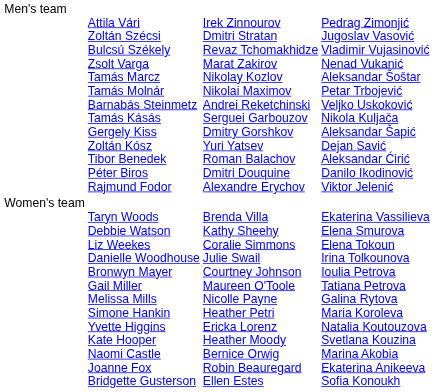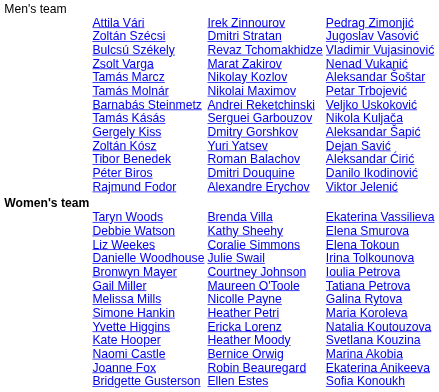 <table>
 <tr valign="top">
 <td>Men's team<br></td>
 <td><br><a href='#'>Attila Vári</a><br><a href='#'>Zoltán Szécsi</a><br><a href='#'>Bulcsú Székely</a><br><a href='#'>Zsolt Varga</a><br><a href='#'>Tamás Marcz</a><br><a href='#'>Tamás Molnár</a><br><a href='#'>Barnabás Steinmetz</a><br><a href='#'>Tamás Kásás</a><br><a href='#'>Gergely Kiss</a><br><a href='#'>Zoltán Kósz</a><br><a href='#'>Tibor Benedek</a><br><a href='#'>Péter Biros</a><br><a href='#'>Rajmund Fodor</a></td>
 <td><br><a href='#'>Irek Zinnourov</a><br><a href='#'>Dmitri Stratan</a><br><a href='#'>Revaz Tchomakhidze</a><br><a href='#'>Marat Zakirov</a><br><a href='#'>Nikolay Kozlov</a><br><a href='#'>Nikolai Maximov</a><br><a href='#'>Andrei Reketchinski</a><br><a href='#'>Serguei Garbouzov</a><br><a href='#'>Dmitry Gorshkov</a><br><a href='#'>Yuri Yatsev</a><br><a href='#'>Roman Balachov</a><br><a href='#'>Dmitri Douquine</a><br><a href='#'>Alexandre Erychov</a></td>
 <td><br><a href='#'>Pedrag Zimonjić</a><br><a href='#'>Jugoslav Vasović</a><br><a href='#'>Vladimir Vujasinović</a><br><a href='#'>Nenad Vukanić</a><br><a href='#'>Aleksandar Šoštar</a><br><a href='#'>Petar Trbojević</a><br><a href='#'>Veljko Uskoković</a><br><a href='#'>Nikola Kuljača</a><br><a href='#'>Aleksandar Šapić</a><br><a href='#'>Dejan Savić</a><br><a href='#'>Aleksandar Ćirić</a><br><a href='#'>Danilo Ikodinović</a><br><a href='#'>Viktor Jelenić</a></td>
 </tr>
 <tr valign="top">
-<td>Women's team<br></td>
+<td><strong>Women's team<br></strong></td>
 <td><br><a href='#'>Taryn Woods</a><br><a href='#'>Debbie Watson</a><br><a href='#'>Liz Weekes</a><br><a href='#'>Danielle Woodhouse</a><br><a href='#'>Bronwyn Mayer</a><br><a href='#'>Gail Miller</a><br><a href='#'>Melissa Mills</a><br><a href='#'>Simone Hankin</a><br><a href='#'>Yvette Higgins</a><br><a href='#'>Kate Hooper</a><br><a href='#'>Naomi Castle</a><br><a href='#'>Joanne Fox</a><br><a href='#'>Bridgette Gusterson</a></td>
 <td><br><a href='#'>Brenda Villa</a><br><a href='#'>Kathy Sheehy</a><br><a href='#'>Coralie Simmons</a><br><a href='#'>Julie Swail</a><br><a href='#'>Courtney Johnson</a><br><a href='#'>Maureen O'Toole</a><br><a href='#'>Nicolle Payne</a><br><a href='#'>Heather Petri</a><br><a href='#'>Ericka Lorenz</a><br><a href='#'>Heather Moody</a><br><a href='#'>Bernice Orwig</a><br><a href='#'>Robin Beauregard</a><br><a href='#'>Ellen Estes</a></td>
 <td><br><a href='#'>Ekaterina Vassilieva</a><br><a href='#'>Elena Smurova</a><br><a href='#'>Elena Tokoun</a><br><a href='#'>Irina Tolkounova</a><br><a href='#'>Ioulia Petrova</a><br><a href='#'>Tatiana Petrova</a><br><a href='#'>Galina Rytova</a><br><a href='#'>Maria Koroleva</a><br><a href='#'>Natalia Koutouzova</a><br><a href='#'>Svetlana Kouzina</a><br><a href='#'>Marina Akobia</a><br><a href='#'>Ekaterina Anikeeva</a><br><a href='#'>Sofia Konoukh</a></td>
 </tr>
 </table>
